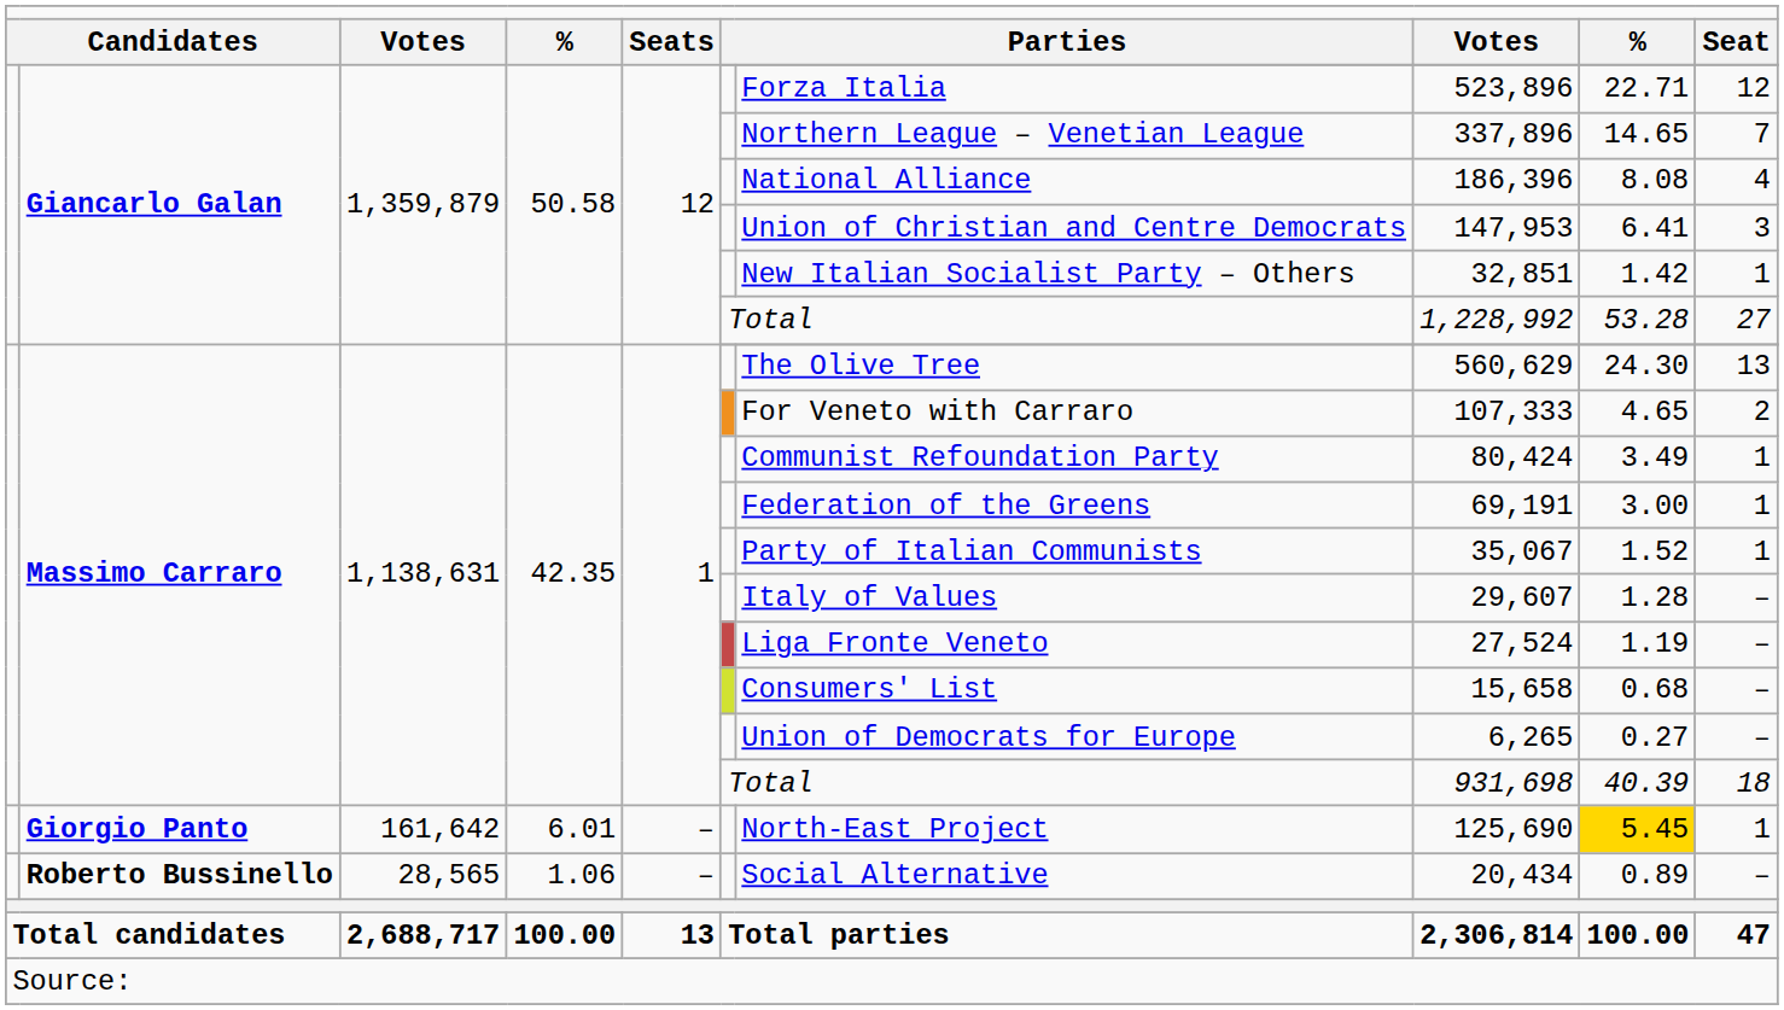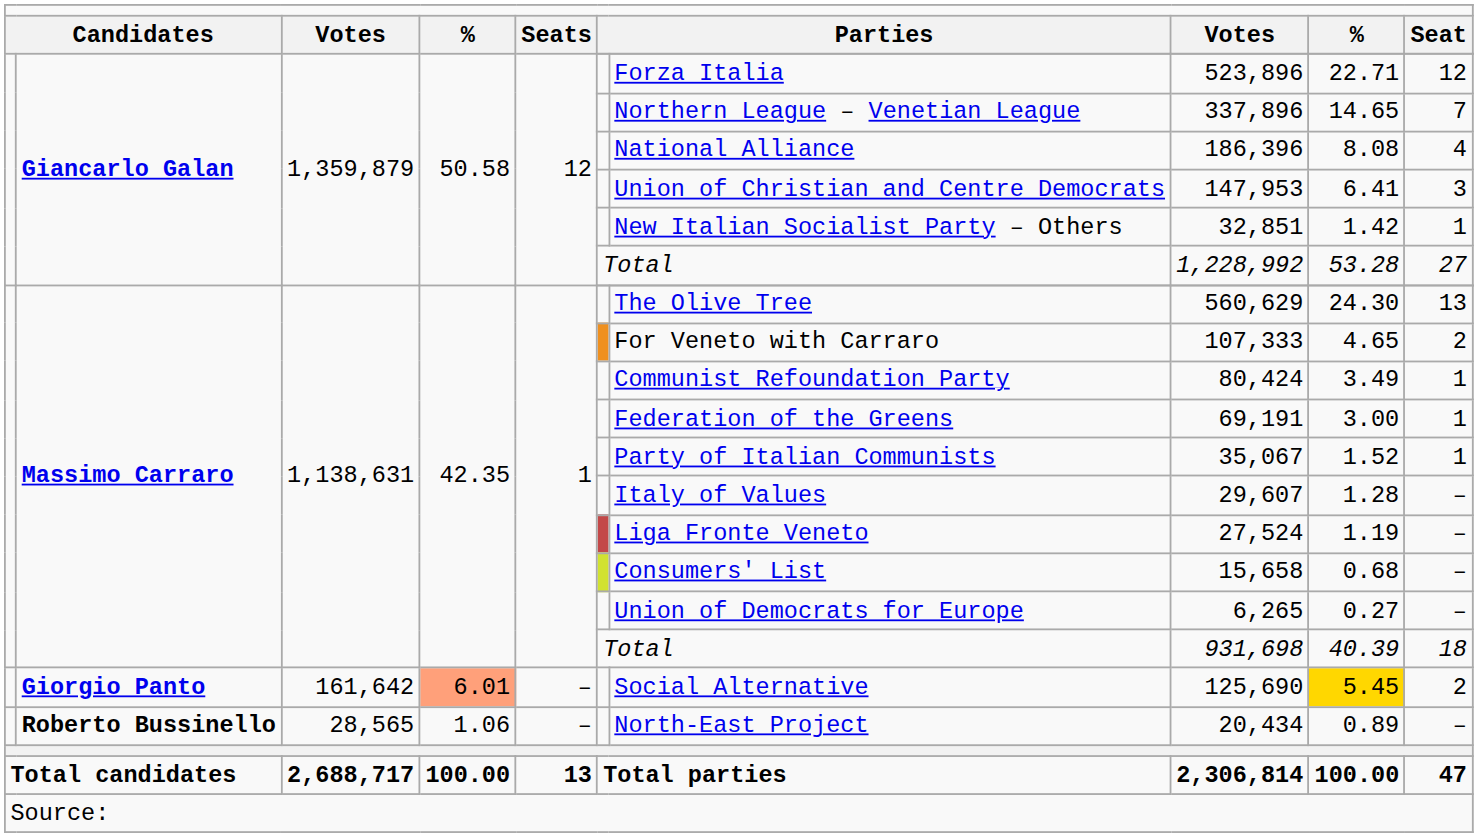 <table class="wikitable">
 <tr>
 <td colspan=10></td>
 </tr>
 <tr>
 <th colspan=2>Candidates</th>
 <th>Votes</th>
 <th>%</th>
 <th>Seats</th>
 <th colspan=2>Parties</th>
 <th>Votes</th>
 <th>%</th>
 <th>Seat</th>
 </tr>
 <tr>
 <td rowspan="7"></td>
 <td rowspan="7"><strong><a href='#'>Giancarlo Galan</a></strong></td>
 <td rowspan="7" align=right>1,359,879</td>
 <td rowspan="7" align=right>50.58</td>
 <td rowspan="7" align=right>12</td>
 </tr>
 <tr>
 <td></td>
 <td align="left"><a href='#'>Forza Italia</a></td>
 <td align=right>523,896</td>
 <td align=right>22.71</td>
 <td align=right>12</td>
 </tr>
 <tr>
 <td></td>
 <td align="left"><a href='#'>Northern League</a> – <a href='#'>Venetian League</a></td>
 <td align=right>337,896</td>
 <td align=right>14.65</td>
 <td align=right>7</td>
 </tr>
 <tr>
 <td></td>
 <td align="left"><a href='#'>National Alliance</a></td>
 <td align=right>186,396</td>
 <td align=right>8.08</td>
 <td align=right>4</td>
 </tr>
 <tr>
 <td></td>
 <td align="left"><a href='#'>Union of Christian and Centre Democrats</a></td>
 <td align=right>147,953</td>
 <td align=right>6.41</td>
 <td align=right>3</td>
 </tr>
 <tr>
 <td></td>
 <td align="left"><a href='#'>New Italian Socialist Party</a> – Others</td>
 <td align=right>32,851</td>
 <td align=right>1.42</td>
 <td align=right>1</td>
 </tr>
 <tr>
 <td colspan=2><em>Total</em></td>
 <td align=right><em>1,228,992</em></td>
 <td align=right><em>53.28</em></td>
 <td align=right><em>27</em></td>
 </tr>
 <tr>
 <td rowspan="11"></td>
 <td rowspan="11"><strong><a href='#'>Massimo Carraro</a></strong></td>
 <td rowspan="11" align=right>1,138,631</td>
 <td rowspan="11" align=right>42.35</td>
 <td rowspan="11" align=right>1</td>
 </tr>
 <tr>
 <td></td>
 <td align="left"><a href='#'>The Olive Tree</a></td>
 <td align=right>560,629</td>
 <td align=right>24.30</td>
 <td align=right>13</td>
 </tr>
 <tr>
 <td bgcolor="#EF901F"></td>
 <td align="left">For Veneto with Carraro</td>
 <td align=right>107,333</td>
 <td align=right>4.65</td>
 <td align=right>2</td>
 </tr>
 <tr>
 <td></td>
 <td align="left"><a href='#'>Communist Refoundation Party</a></td>
 <td align=right>80,424</td>
 <td align=right>3.49</td>
 <td align=right>1</td>
 </tr>
 <tr>
 <td></td>
 <td align="left"><a href='#'>Federation of the Greens</a></td>
 <td align=right>69,191</td>
 <td align=right>3.00</td>
 <td align=right>1</td>
 </tr>
 <tr>
 <td></td>
 <td align="left"><a href='#'>Party of Italian Communists</a></td>
 <td align=right>35,067</td>
 <td align=right>1.52</td>
 <td align=right>1</td>
 </tr>
 <tr>
 <td></td>
 <td align="left"><a href='#'>Italy of Values</a></td>
 <td align=right>29,607</td>
 <td align=right>1.28</td>
 <td align=right>–</td>
 </tr>
 <tr>
 <td bgcolor="#C34848"></td>
 <td align="left"><a href='#'>Liga Fronte Veneto</a></td>
 <td align=right>27,524</td>
 <td align=right>1.19</td>
 <td align=right>–</td>
 </tr>
 <tr>
 <td bgcolor="#D1E231"></td>
 <td align="left"><a href='#'>Consumers' List</a></td>
 <td align=right>15,658</td>
 <td align=right>0.68</td>
 <td align=right>–</td>
 </tr>
 <tr>
 <td></td>
 <td align="left"><a href='#'>Union of Democrats for Europe</a></td>
 <td align=right>6,265</td>
 <td align=right>0.27</td>
 <td align=right>–</td>
 </tr>
 <tr>
 <td colspan=2><em>Total</em></td>
 <td align=right><em>931,698</em></td>
 <td align=right><em>40.39</em></td>
 <td align=right><em>18</em></td>
 </tr>
 <tr>
 <td></td>
 <td><strong><a href='#'>Giorgio Panto</a></strong></td>
 <td align=right>161,642</td>
-<td align=right>6.01</td>
+<td align=right style="background: lightsalmon;">6.01</td>
 <td align=right>–</td>
 <td></td>
-<td align="left"><a href='#'>North-East Project</a></td>
+<td align="left"><a href='#'>Social Alternative</a></td>
 <td align=right>125,690</td>
 <td align=right style="background: gold;">5.45</td>
-<td align=right>1</td>
+<td align=right>2</td>
 </tr>
 <tr>
 <td></td>
 <td><strong>Roberto Bussinello</strong></td>
 <td align=right>28,565</td>
 <td align=right>1.06</td>
 <td align=right>–</td>
 <td></td>
-<td align="left"><a href='#'>Social Alternative</a></td>
+<td align="left"><a href='#'>North-East Project</a></td>
 <td align=right>20,434</td>
 <td align=right>0.89</td>
 <td align=right>–</td>
 </tr>
 <tr>
 <th colspan=10></th>
 </tr>
 <tr>
 <td colspan=2><strong>Total candidates</strong></td>
 <td align=right><strong>2,688,717</strong></td>
 <td align=right><strong>100.00</strong></td>
 <td align=right><strong>13</strong></td>
 <td colspan=2><strong>Total parties</strong></td>
 <td align=right><strong>2,306,814</strong></td>
 <td align=right><strong>100.00</strong></td>
 <td align=right><strong>47</strong></td>
 </tr>
 <tr>
 <td colspan=10>Source: </td>
 </tr>
 </table>
